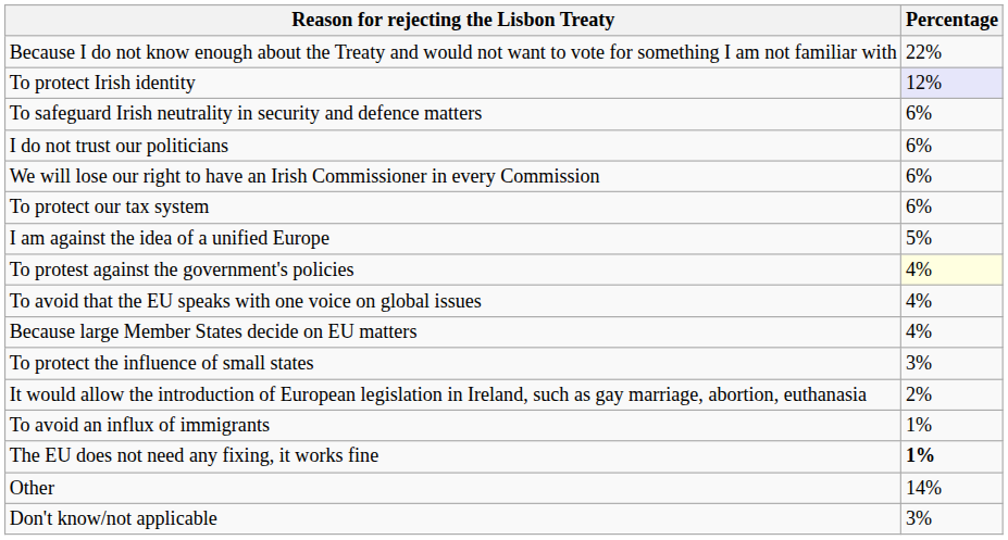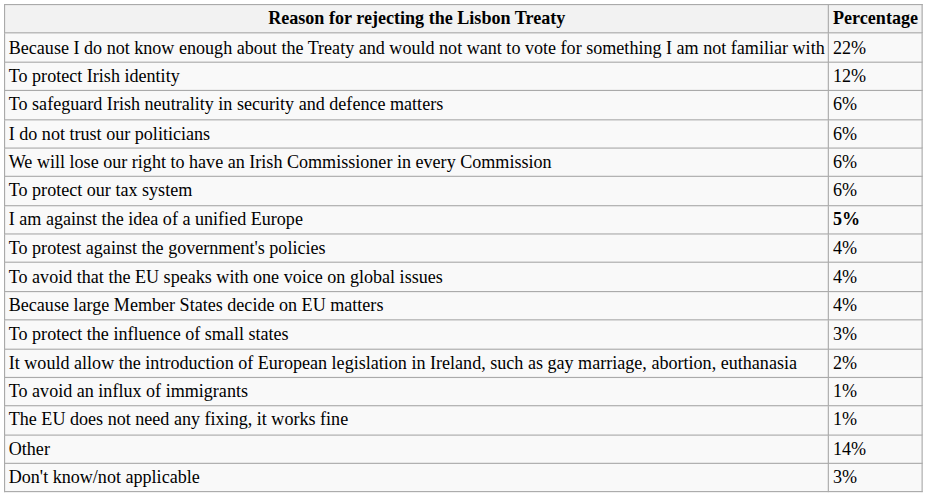 <table class="wikitable sortable">
 <tr>
 <th>Reason for rejecting the Lisbon Treaty</th>
 <th>Percentage</th>
 </tr>
 <tr>
 <td>Because I do not know enough about the Treaty and would not want to vote for something I am not familiar with</td>
 <td>22%</td>
 </tr>
 <tr>
 <td>To protect Irish identity</td>
-<td style="background: lavender;">12%</td>
+<td>12%</td>
 </tr>
 <tr>
 <td>To safeguard Irish neutrality in security and defence matters</td>
 <td>6%</td>
 </tr>
 <tr>
 <td>I do not trust our politicians</td>
 <td>6%</td>
 </tr>
 <tr>
 <td>We will lose our right to have an Irish Commissioner in every Commission</td>
 <td>6%</td>
 </tr>
 <tr>
 <td>To protect our tax system</td>
 <td>6%</td>
 </tr>
 <tr>
 <td>I am against the idea of a unified Europe</td>
-<td>5%</td>
+<td><strong>5%</strong></td>
 </tr>
 <tr>
 <td>To protest against the government's policies</td>
-<td style="background: lightyellow;">4%</td>
+<td>4%</td>
 </tr>
 <tr>
 <td>To avoid that the EU speaks with one voice on global issues</td>
 <td>4%</td>
 </tr>
 <tr>
 <td>Because large Member States decide on EU matters</td>
 <td>4%</td>
 </tr>
 <tr>
 <td>To protect the influence of small states</td>
 <td>3%</td>
 </tr>
 <tr>
 <td>It would allow the introduction of European legislation in Ireland, such as gay marriage, abortion, euthanasia</td>
 <td>2%</td>
 </tr>
 <tr>
 <td>To avoid an influx of immigrants</td>
 <td>1%</td>
 </tr>
 <tr>
 <td>The EU does not need any fixing, it works fine</td>
-<td><strong>1%</strong></td>
+<td>1%</td>
 </tr>
 <tr>
 <td>Other</td>
 <td>14%</td>
 </tr>
 <tr>
 <td>Don't know/not applicable</td>
 <td>3%</td>
 </tr>
 </table>
